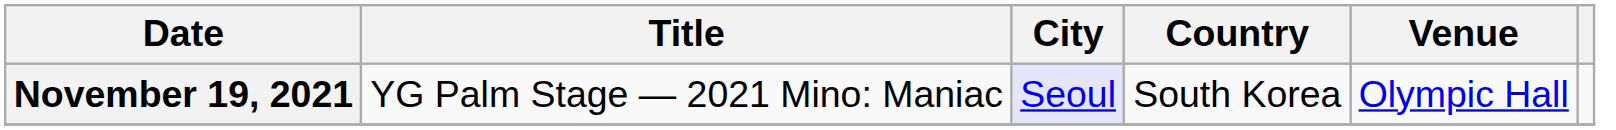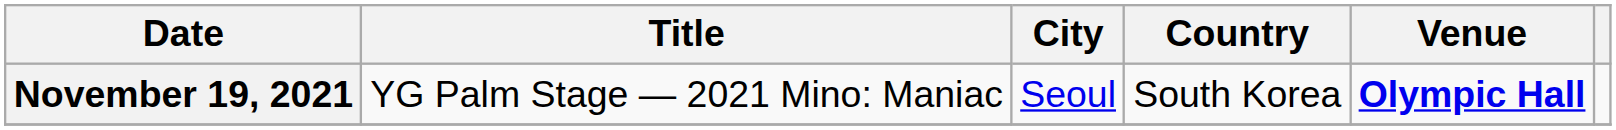 <table class="wikitable plainrowheaders">
 <tr>
 <th>Date</th>
 <th>Title</th>
 <th>City</th>
 <th>Country</th>
 <th>Venue</th>
 <th scope="col" class="unsortable"></th>
 </tr>
 <tr>
 <th scope="row">November 19, 2021</th>
 <td>YG Palm Stage — 2021 Mino: Maniac</td>
-<td style="background: lavender;"><a href='#'>Seoul</a></td>
+<td><a href='#'>Seoul</a></td>
 <td>South Korea</td>
-<td><a href='#'>Olympic Hall</a></td>
+<td><strong><a href='#'>Olympic Hall</a></strong></td>
 <td style="text-align:center"></td>
 </tr>
 <tr>
 </tr>
 </table>
